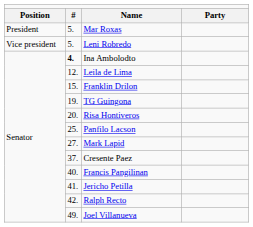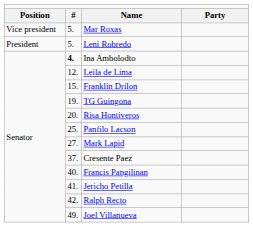 <table class=wikitable style="font-size:90%">
 <tr>
 <td colspan="5"></td>
 </tr>
 <tr>
 <th width=95px>Position</th>
 <th width=20px>#</th>
 <th width=160px>Name</th>
 <th colspan=2 width=105px>Party</th>
 </tr>
 <tr>
-<td>President</td>
+<td>Vice president</td>
 <td>5.</td>
 <td><a href='#'>Mar Roxas</a></td>
 <td></td>
 </tr>
 <tr>
-<td>Vice president</td>
+<td>President</td>
 <td>5.</td>
 <td><a href='#'>Leni Robredo</a></td>
 <td></td>
 </tr>
 <tr>
 <td rowspan="12">Senator</td>
 <td><strong>4.</strong></td>
 <td>Ina Ambolodto</td>
 <td></td>
 </tr>
 <tr>
 <td>12.</td>
 <td><a href='#'>Leila de Lima</a></td>
 <td></td>
 </tr>
 <tr>
 <td>15.</td>
 <td><a href='#'>Franklin Drilon</a></td>
 <td></td>
 </tr>
 <tr>
 <td>19.</td>
 <td><a href='#'>TG Guingona</a></td>
 <td></td>
 </tr>
 <tr>
 <td>20.</td>
 <td><a href='#'>Risa Hontiveros</a></td>
 <td></td>
 </tr>
 <tr>
 <td>25.</td>
 <td><a href='#'>Panfilo Lacson</a></td>
 <td></td>
 </tr>
 <tr>
 <td>27.</td>
 <td><a href='#'>Mark Lapid</a></td>
 <td></td>
 </tr>
 <tr>
 <td>37.</td>
 <td>Cresente Paez</td>
 <td></td>
 </tr>
 <tr>
 <td>40.</td>
 <td><a href='#'>Francis Pangilinan</a></td>
 <td></td>
 </tr>
 <tr>
 <td>41.</td>
 <td><a href='#'>Jericho Petilla</a></td>
 <td></td>
 </tr>
 <tr>
 <td>42.</td>
 <td><a href='#'>Ralph Recto</a></td>
 <td></td>
 </tr>
 <tr>
 <td>49.</td>
 <td><a href='#'>Joel Villanueva</a></td>
 <td></td>
 </tr>
 </table>
